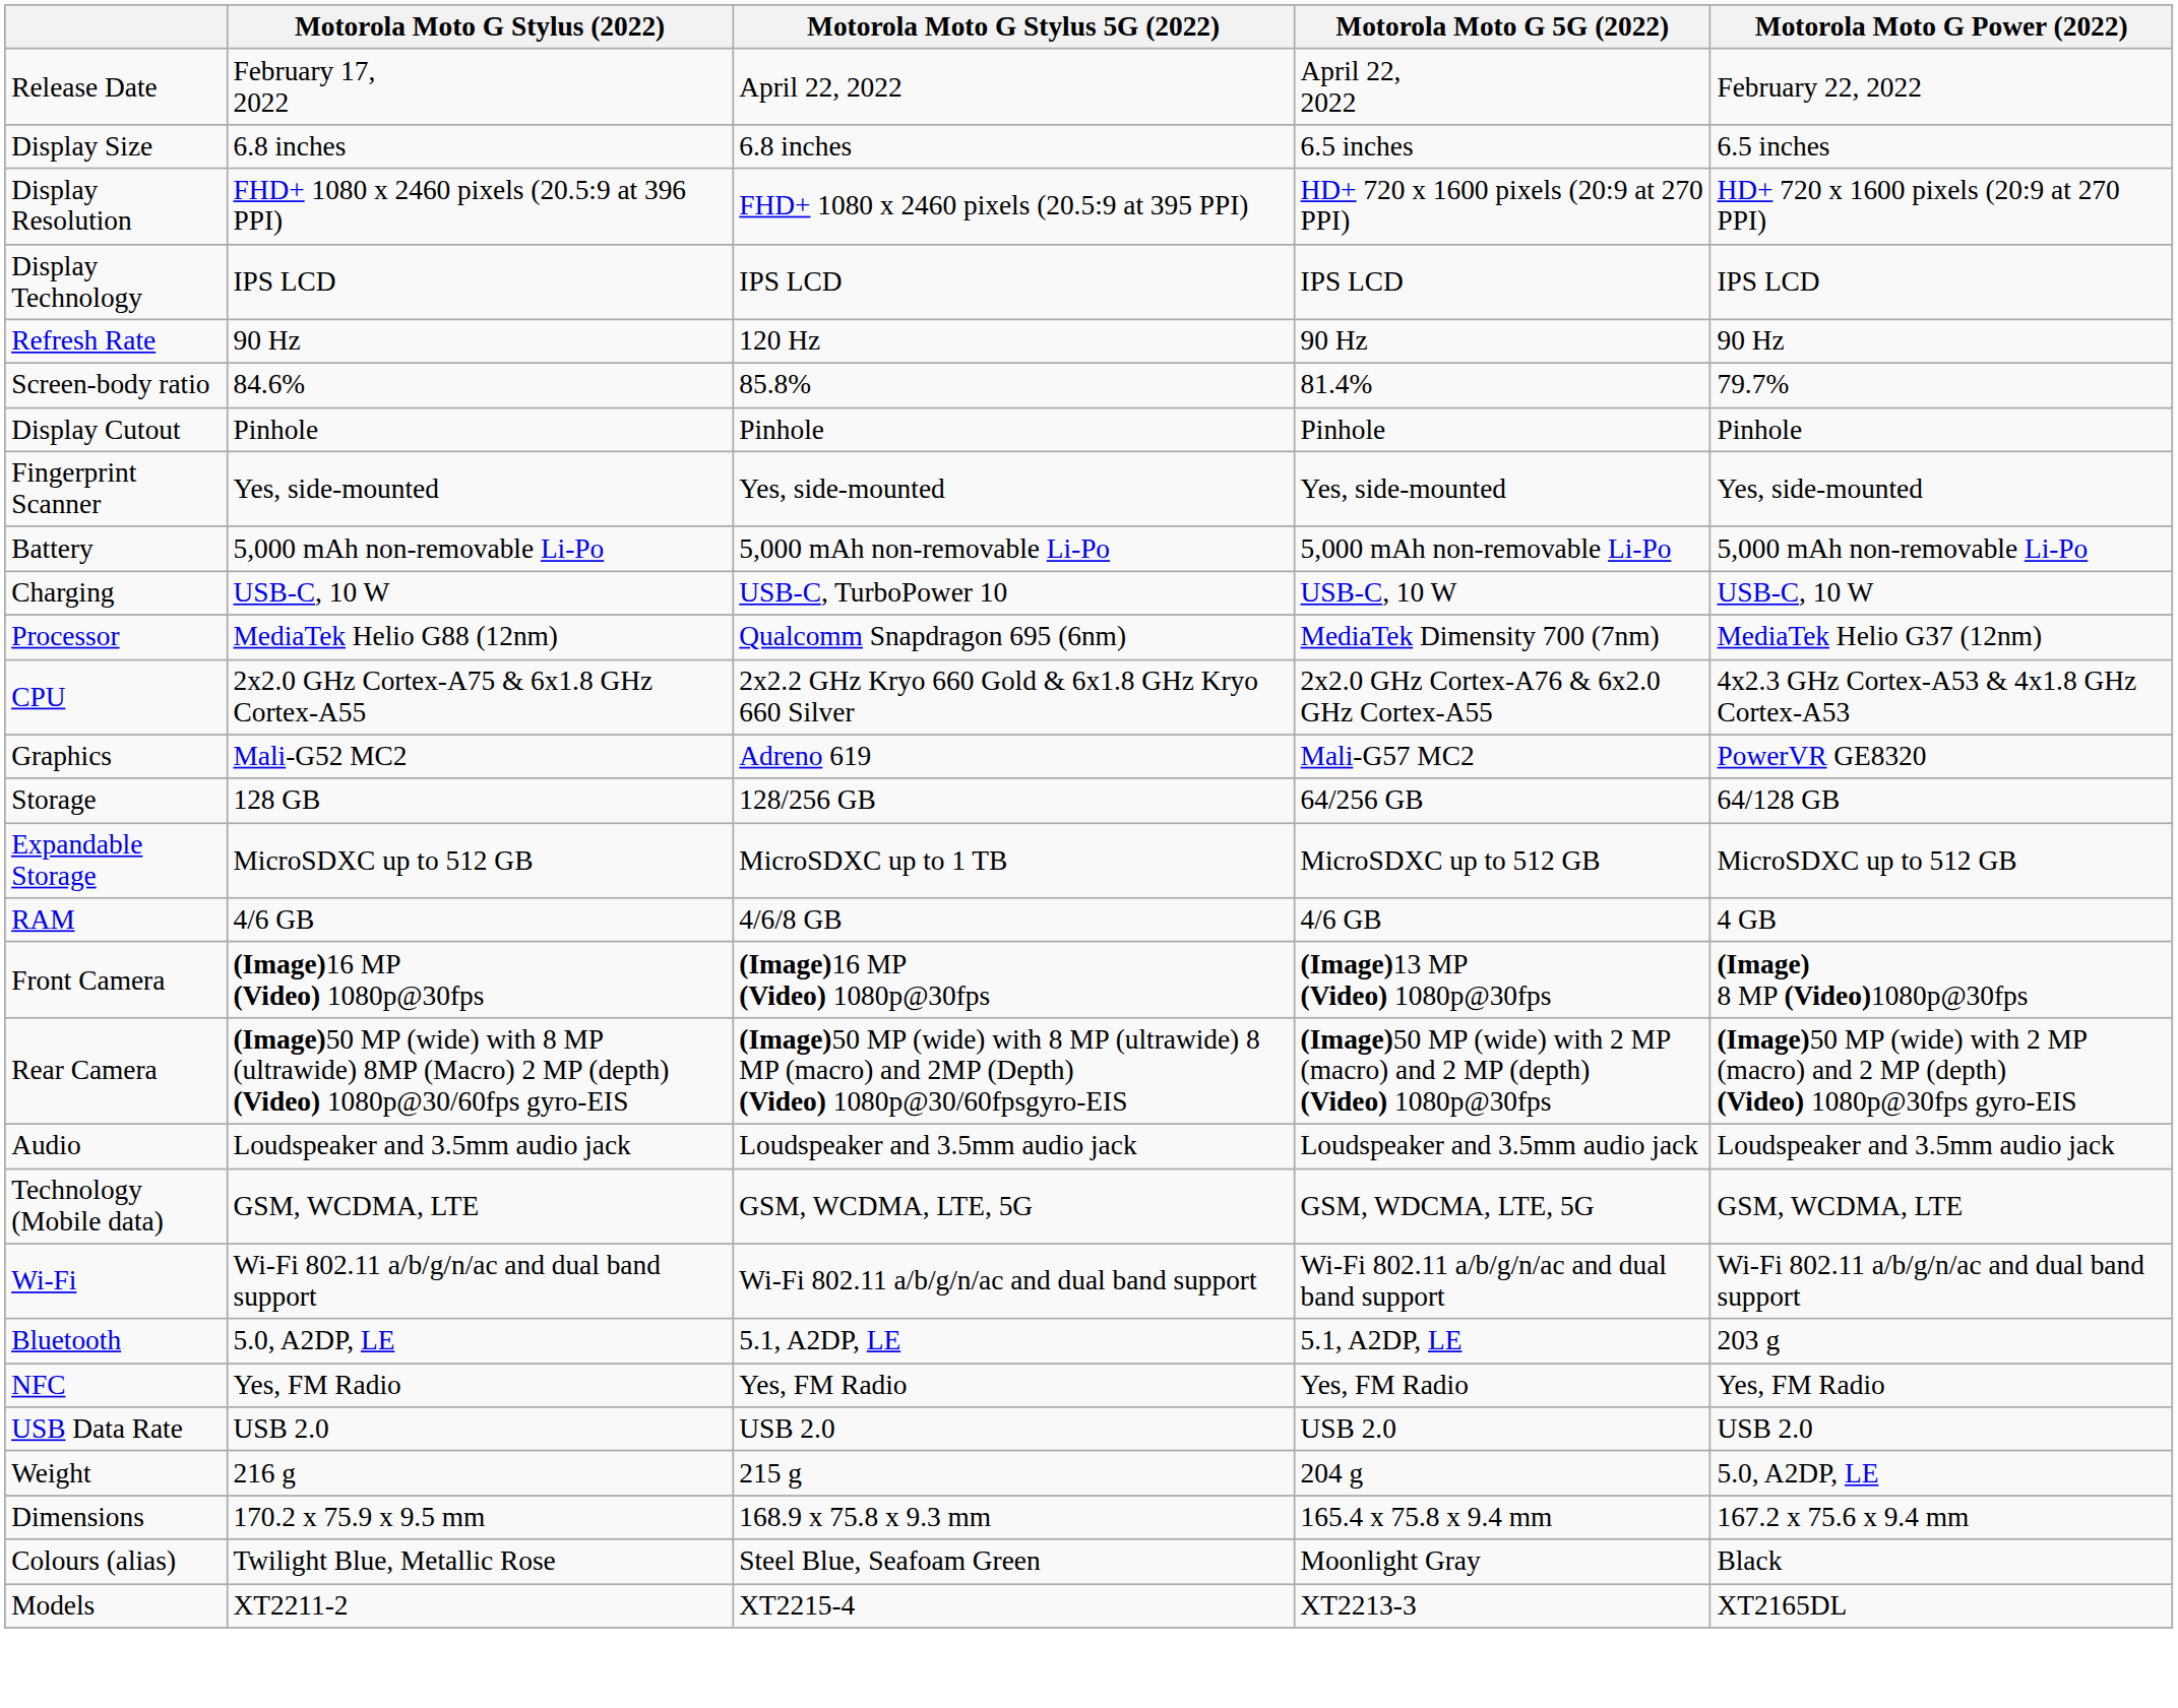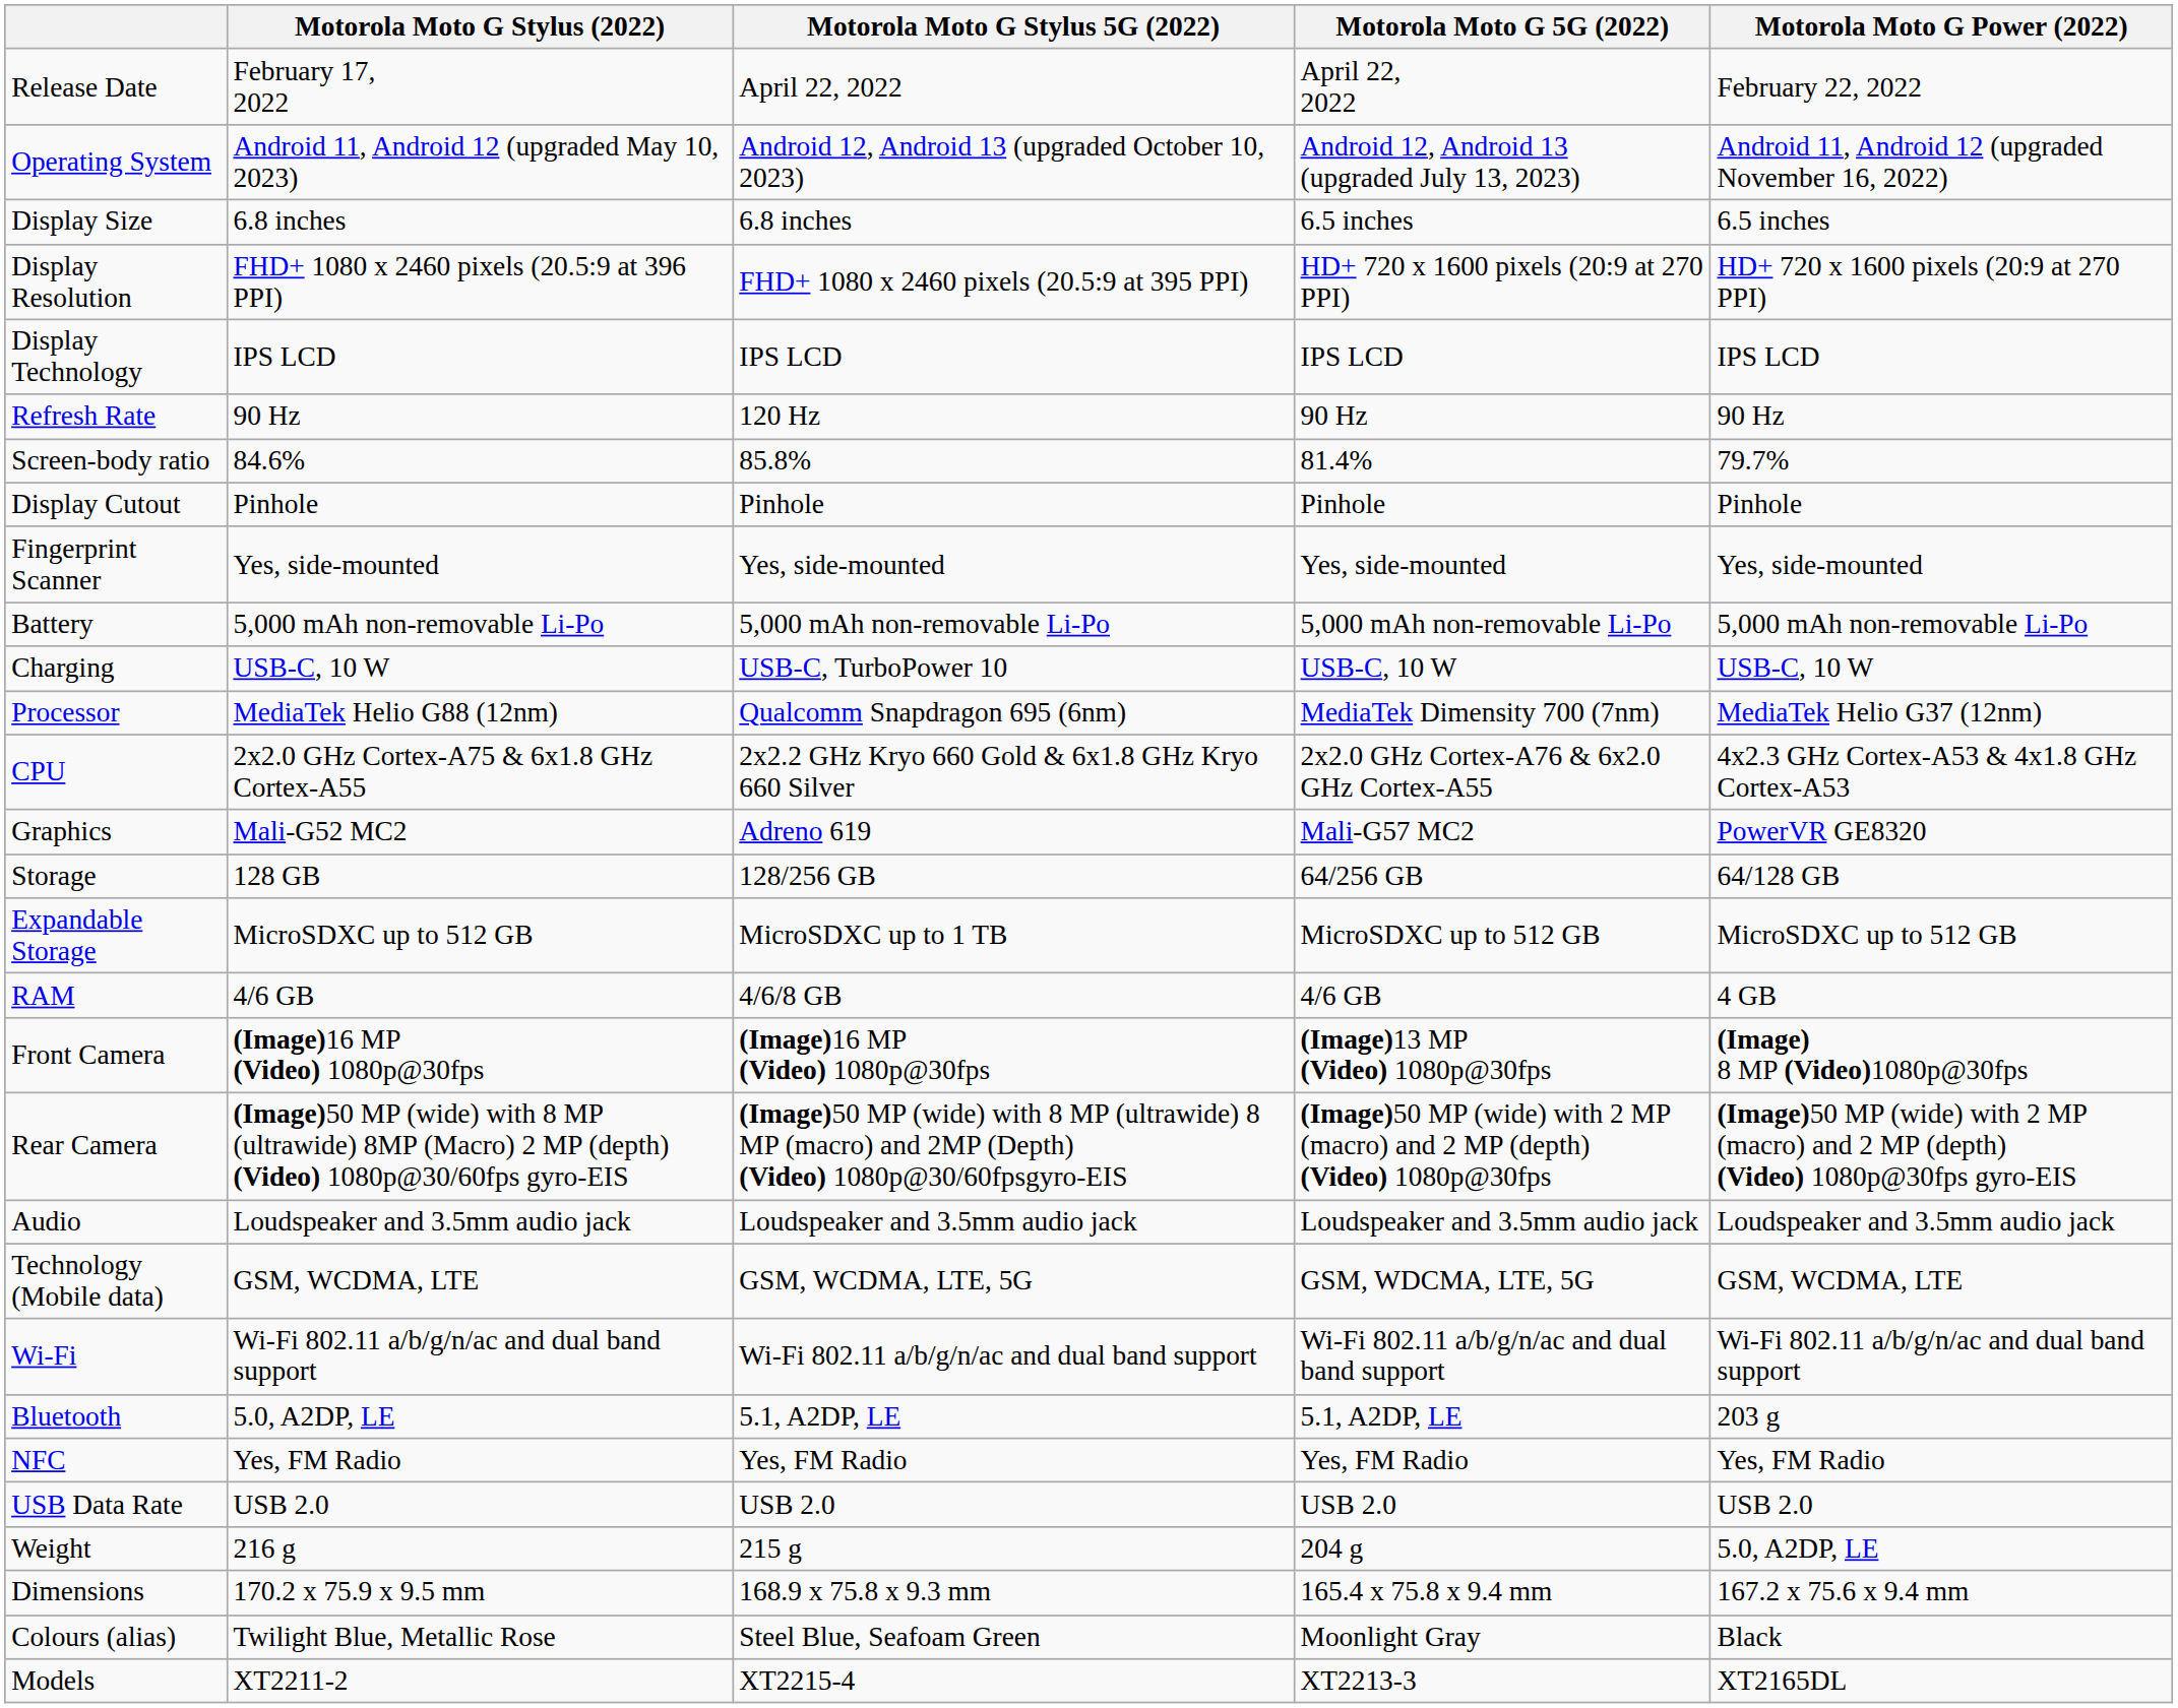 <table class="wikitable">
 <tr>
 <th></th>
 <th>Motorola Moto G Stylus (2022)</th>
 <th>Motorola Moto G Stylus 5G (2022)</th>
 <th>Motorola Moto G 5G (2022)</th>
 <th>Motorola Moto G Power (2022)</th>
 </tr>
 <tr>
 <td>Release Date</td>
 <td>February 17,<br>2022</td>
 <td>April 22, 2022</td>
 <td>April 22,<br>2022</td>
 <td>February 22, 2022</td>
+</tr>
+<tr>
+<td><a href='#'>Operating System</a></td>
+<td><a href='#'>Android 11</a>, <a href='#'>Android 12</a> (upgraded May 10, 2023)</td>
+<td><a href='#'>Android 12</a>, <a href='#'>Android 13</a> (upgraded October 10, 2023)</td>
+<td><a href='#'>Android 12</a>, <a href='#'>Android 13</a><br>(upgraded July 13, 2023)</td>
+<td><a href='#'>Android 11</a>, <a href='#'>Android 12</a> (upgraded November 16, 2022)</td>
 </tr>
 <tr>
 <td>Display Size</td>
 <td>6.8 inches</td>
 <td>6.8 inches</td>
 <td>6.5 inches</td>
 <td>6.5 inches</td>
 </tr>
 <tr>
 <td>Display Resolution</td>
 <td><a href='#'>FHD+</a> 1080 x 2460 pixels (20.5:9 at 396 PPI)</td>
 <td><a href='#'>FHD+</a> 1080 x 2460 pixels (20.5:9 at 395 PPI)</td>
 <td><a href='#'>HD+</a> 720 x 1600 pixels (20:9 at 270 PPI)</td>
 <td><a href='#'>HD+</a> 720 x 1600 pixels (20:9 at 270 PPI)</td>
 </tr>
 <tr>
 <td>Display Technology</td>
 <td>IPS LCD</td>
 <td>IPS LCD</td>
 <td>IPS LCD</td>
 <td>IPS LCD</td>
 </tr>
 <tr>
 <td><a href='#'>Refresh Rate</a></td>
 <td>90 Hz</td>
 <td>120 Hz</td>
 <td>90 Hz</td>
 <td>90 Hz</td>
 </tr>
 <tr>
 <td>Screen-body ratio</td>
 <td>84.6%</td>
 <td>85.8%</td>
 <td>81.4%</td>
 <td>79.7%</td>
 </tr>
 <tr>
 <td>Display Cutout</td>
 <td>Pinhole</td>
 <td>Pinhole</td>
 <td>Pinhole</td>
 <td>Pinhole</td>
 </tr>
 <tr>
 <td>Fingerprint Scanner</td>
 <td>Yes, side-mounted</td>
 <td>Yes, side-mounted</td>
 <td>Yes, side-mounted</td>
 <td>Yes, side-mounted</td>
 </tr>
 <tr>
 <td>Battery</td>
 <td>5,000 mAh non-removable <a href='#'>Li-Po</a></td>
 <td>5,000 mAh non-removable <a href='#'>Li-Po</a></td>
 <td>5,000 mAh non-removable <a href='#'>Li-Po</a></td>
 <td>5,000 mAh non-removable <a href='#'>Li-Po</a></td>
 </tr>
 <tr>
 <td>Charging</td>
 <td><a href='#'>USB-C</a>, 10 W</td>
 <td><a href='#'>USB-C</a>, TurboPower 10</td>
 <td><a href='#'>USB-C</a>, 10 W</td>
 <td><a href='#'>USB-C</a>, 10 W</td>
 </tr>
 <tr>
 <td><a href='#'>Processor</a></td>
 <td><a href='#'>MediaTek</a> Helio G88 (12nm)</td>
 <td><a href='#'>Qualcomm</a> Snapdragon 695 (6nm)</td>
 <td><a href='#'>MediaTek</a> Dimensity 700 (7nm)</td>
 <td><a href='#'>MediaTek</a> Helio G37 (12nm)</td>
 </tr>
 <tr>
 <td><a href='#'>CPU</a></td>
 <td>2x2.0 GHz Cortex-A75 & 6x1.8 GHz Cortex-A55</td>
 <td>2x2.2 GHz Kryo 660 Gold & 6x1.8 GHz Kryo 660 Silver</td>
 <td>2x2.0 GHz Cortex-A76 & 6x2.0 GHz Cortex-A55</td>
 <td>4x2.3 GHz Cortex-A53 & 4x1.8 GHz Cortex-A53</td>
 </tr>
 <tr>
 <td>Graphics</td>
 <td><a href='#'>Mali</a>-G52 MC2</td>
 <td><a href='#'>Adreno</a> 619</td>
 <td><a href='#'>Mali</a>-G57 MC2</td>
 <td><a href='#'>PowerVR</a> GE8320</td>
 </tr>
 <tr>
 <td>Storage</td>
 <td>128 GB</td>
 <td>128/256 GB</td>
 <td>64/256 GB</td>
 <td>64/128 GB</td>
 </tr>
 <tr>
 <td><a href='#'>Expandable Storage</a></td>
 <td>MicroSDXC up to 512 GB</td>
 <td>MicroSDXC up to 1 TB</td>
 <td>MicroSDXC up to 512 GB</td>
 <td>MicroSDXC up to 512 GB</td>
 </tr>
 <tr>
 <td><a href='#'>RAM</a></td>
 <td>4/6 GB</td>
 <td>4/6/8 GB</td>
 <td>4/6 GB</td>
 <td>4 GB</td>
 </tr>
 <tr>
 <td>Front Camera</td>
 <td><strong>(Image)</strong>16 MP<br><strong>(Video)</strong> 1080p@30fps</td>
 <td><strong>(Image)</strong>16 MP<br><strong>(Video)</strong> 1080p@30fps</td>
 <td><strong>(Image)</strong>13 MP<br><strong>(Video)</strong> 1080p@30fps</td>
 <td><strong>(Image)</strong><br>8 MP <strong>(Video)</strong>1080p@30fps</td>
 </tr>
 <tr>
 <td>Rear Camera</td>
 <td><strong>(Image)</strong>50 MP (wide) with 8 MP (ultrawide) 8MP (Macro) 2 MP (depth)<br><strong>(Video)</strong> 1080p@30/60fps gyro-EIS</td>
 <td><strong>(Image)</strong>50 MP (wide) with 8 MP (ultrawide) 8 MP (macro) and 2MP (Depth)<br><strong>(Video)</strong> 1080p@30/60fpsgyro-EIS</td>
 <td><strong>(Image)</strong>50 MP (wide) with 2 MP (macro) and 2 MP (depth)<br><strong>(Video)</strong> 1080p@30fps</td>
 <td><strong>(Image)</strong>50 MP (wide) with 2 MP (macro) and 2 MP (depth)<br><strong>(Video)</strong> 1080p@30fps gyro-EIS</td>
 </tr>
 <tr>
 <td>Audio</td>
 <td>Loudspeaker and 3.5mm audio jack</td>
 <td>Loudspeaker and 3.5mm audio jack</td>
 <td>Loudspeaker and 3.5mm audio jack</td>
 <td>Loudspeaker and 3.5mm audio jack</td>
 </tr>
 <tr>
 <td>Technology (Mobile data)</td>
 <td>GSM, WCDMA, LTE</td>
 <td>GSM, WCDMA, LTE, 5G</td>
 <td>GSM, WDCMA, LTE, 5G</td>
 <td>GSM, WCDMA, LTE</td>
 </tr>
 <tr>
 <td><a href='#'>Wi-Fi</a></td>
 <td>Wi-Fi 802.11 a/b/g/n/ac and dual band support</td>
 <td>Wi-Fi 802.11 a/b/g/n/ac and dual band support</td>
 <td>Wi-Fi 802.11 a/b/g/n/ac and dual band support</td>
 <td>Wi-Fi 802.11 a/b/g/n/ac and dual band support</td>
 </tr>
 <tr>
 <td><a href='#'>Bluetooth</a></td>
 <td>5.0, A2DP, <a href='#'>LE</a></td>
 <td>5.1, A2DP, <a href='#'>LE</a></td>
 <td>5.1, A2DP, <a href='#'>LE</a></td>
 <td>203 g</td>
 </tr>
 <tr>
 <td><a href='#'>NFC</a></td>
 <td>Yes, FM Radio</td>
 <td>Yes, FM Radio</td>
 <td>Yes, FM Radio</td>
 <td>Yes, FM Radio</td>
 </tr>
 <tr>
 <td><a href='#'>USB</a> Data Rate</td>
 <td>USB 2.0</td>
 <td>USB 2.0</td>
 <td>USB 2.0</td>
 <td>USB 2.0</td>
 </tr>
 <tr>
 <td>Weight</td>
 <td>216 g</td>
 <td>215 g</td>
 <td>204 g</td>
 <td>5.0, A2DP, <a href='#'>LE</a></td>
 </tr>
 <tr>
 <td>Dimensions</td>
 <td>170.2 x 75.9 x 9.5 mm</td>
 <td>168.9 x 75.8 x 9.3 mm</td>
 <td>165.4 x 75.8 x 9.4 mm</td>
 <td>167.2 x 75.6 x 9.4 mm</td>
 </tr>
 <tr>
 <td>Colours (alias)</td>
 <td>Twilight Blue, Metallic Rose</td>
 <td>Steel Blue, Seafoam Green</td>
 <td>Moonlight Gray</td>
 <td>Black</td>
 </tr>
 <tr>
 <td>Models</td>
 <td>XT2211-2</td>
 <td>XT2215-4</td>
 <td>XT2213-3</td>
 <td>XT2165DL</td>
 </tr>
 </table>
